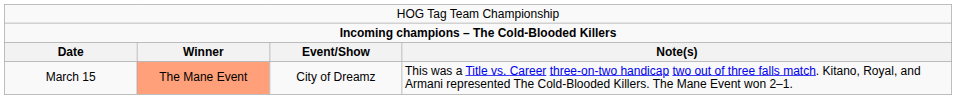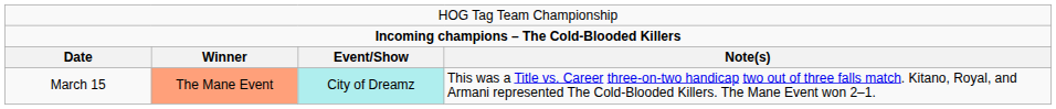 <table class="wikitable" style="text-align:center; width:100%;">
 <tr>
 <td colspan="4" style="text-align: center;">HOG Tag Team Championship</td>
 </tr>
 <tr>
 <td colspan="4" style="text-align: center;"><strong>Incoming champions – The Cold-Blooded Killers </strong></td>
 </tr>
 <tr>
 <th width=14%>Date</th>
 <th width=14%>Winner</th>
 <th width=14%>Event/Show</th>
 <th width=58%>Note(s)</th>
 </tr>
 <tr>
 <td>March 15</td>
 <td style="background: lightsalmon;">The Mane Event<br></td>
-<td>City of Dreamz</td>
+<td style="background: paleturquoise;">City of Dreamz</td>
 <td align=left>This was a <a href='#'>Title vs. Career</a> <a href='#'>three-on-two handicap</a> <a href='#'>two out of three falls match</a>. Kitano, Royal, and Armani represented The Cold-Blooded Killers. The Mane Event won 2–1.</td>
 </tr>
 </table>
